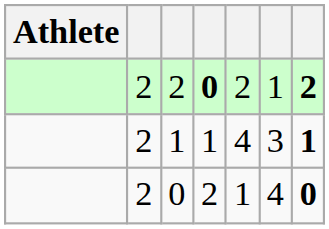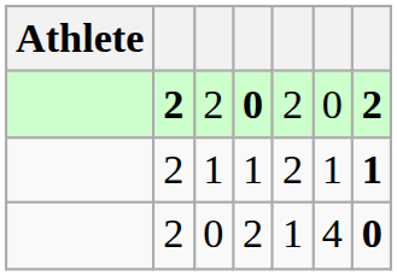 <table class=wikitable style="text-align:center">
 <tr>
 <th>Athlete</th>
 <th></th>
 <th></th>
 <th></th>
 <th></th>
 <th></th>
 <th></th>
 </tr>
 <tr bgcolor=ccffcc>
 <td style="text-align:left"></td>
-<td>2</td>
+<td><strong>2</strong></td>
 <td>2</td>
 <td><strong>0</strong></td>
 <td>2</td>
-<td>1</td>
+<td>0</td>
 <td><strong>2</strong></td>
 </tr>
 <tr>
 <td style="text-align:left"></td>
 <td>2</td>
 <td>1</td>
 <td>1</td>
-<td>4</td>
-<td>3</td>
+<td>2</td>
+<td>1</td>
 <td><strong>1</strong></td>
 </tr>
 <tr>
 <td style="text-align:left"></td>
 <td>2</td>
 <td>0</td>
 <td>2</td>
 <td>1</td>
 <td>4</td>
 <td><strong>0</strong></td>
 </tr>
 </table>
